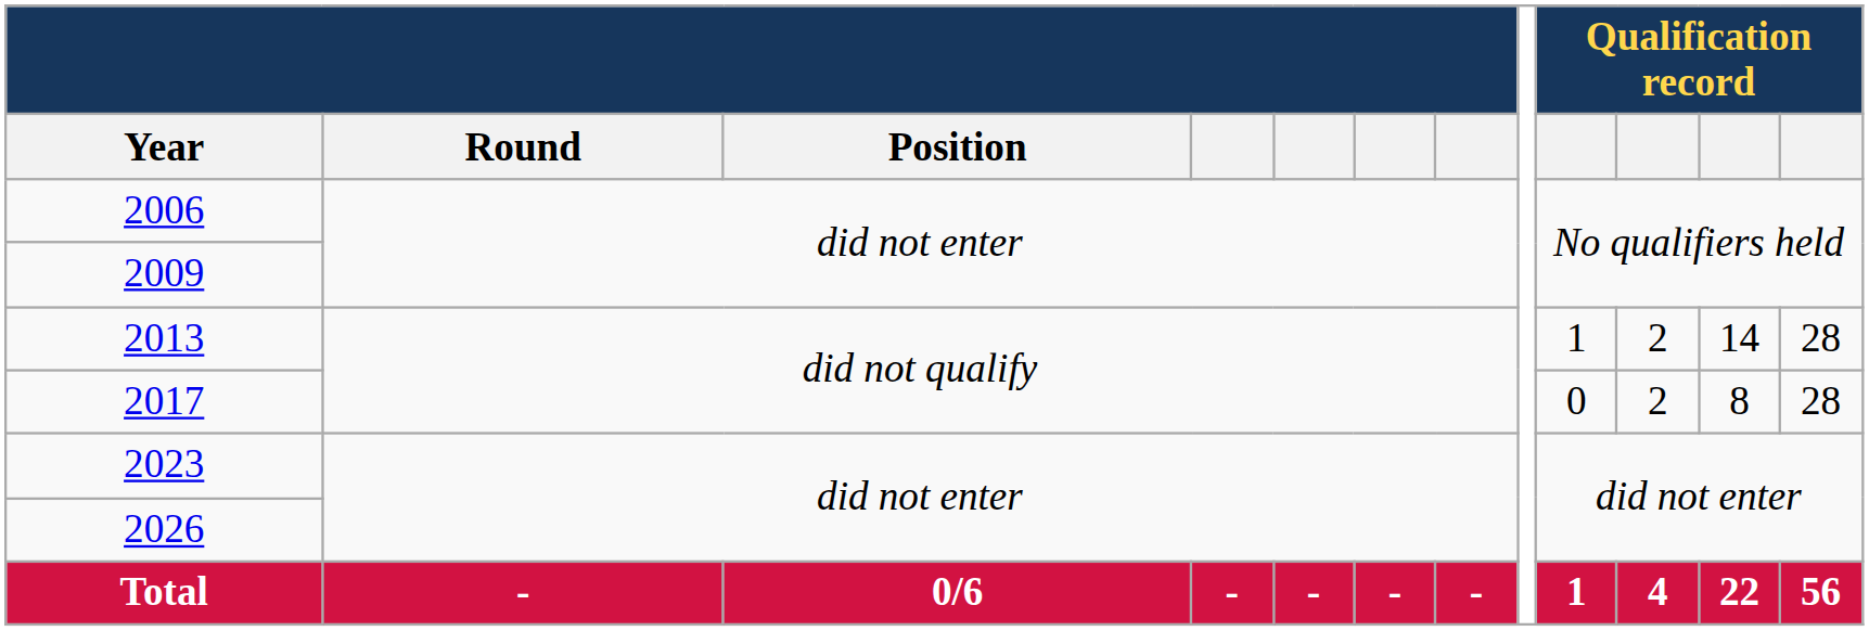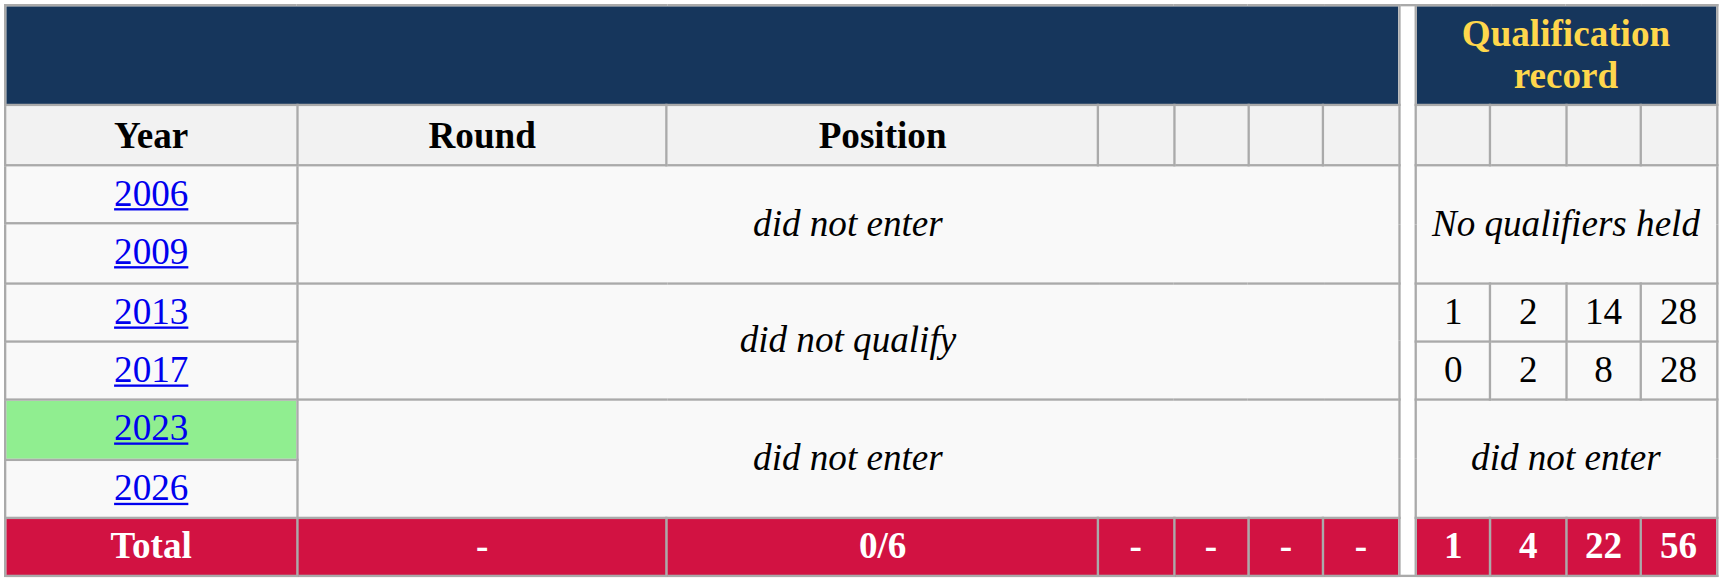 <table class="wikitable" style="text-align: center;">
 <tr>
 <th style="background:#16365C;" colspan="7"><a href='#'></a></th>
 <th style="background:white; width:1%;" rowspan="9"></th>
 <th style="background:#16365C; color:#ffd74c;" colspan="5">Qualification record</th>
 </tr>
 <tr>
 <th>Year</th>
 <th>Round</th>
 <th>Position</th>
 <th width=25></th>
 <th width=25></th>
 <th width=25></th>
 <th width=25></th>
 <th width=25></th>
 <th width=25></th>
 <th width=25></th>
 <th width=25></th>
 </tr>
 <tr>
 <td><a href='#'>2006</a></td>
 <td colspan=6 rowspan=2><em>did not enter</em></td>
 <td colspan=4 rowspan=2 align=center><em>No qualifiers held</em></td>
 </tr>
 <tr>
 <td><a href='#'>2009</a></td>
 </tr>
 <tr>
 <td><a href='#'>2013</a></td>
 <td colspan=6 rowspan=2 align=center><em>did not qualify</em></td>
 <td>1</td>
 <td>2</td>
 <td>14</td>
 <td>28</td>
 </tr>
 <tr>
 <td><a href='#'>2017</a></td>
 <td>0</td>
 <td>2</td>
 <td>8</td>
 <td>28</td>
 </tr>
 <tr>
-<td><a href='#'>2023</a></td>
+<td style="background: lightgreen;"><a href='#'>2023</a></td>
 <td colspan=6 rowspan=2 align=center><em>did not enter</em></td>
 <td colspan=4 rowspan=2 align=center><em>did not enter</em></td>
 </tr>
 <tr>
 <td><a href='#'>2026</a></td>
 </tr>
 <tr>
 <th style="color:white; background:#d21242;"><strong>Total</strong></th>
 <th style="color:white; background:#d21242;"><strong>-</strong></th>
 <th style="color:white; background:#d21242;"><strong>0/6</strong></th>
 <th style="color:white; background:#d21242;"><strong>-</strong></th>
 <th style="color:white; background:#d21242;"><strong>-</strong></th>
 <th style="color:white; background:#d21242;"><strong>-</strong></th>
 <th style="color:white; background:#d21242;"><strong>-</strong></th>
 <th style="color:white; background:#d21242;"><strong>1</strong></th>
 <th style="color:white; background:#d21242;"><strong>4</strong></th>
 <th style="color:white; background:#d21242;"><strong>22</strong></th>
 <th style="color:white; background:#d21242;"><strong>56</strong></th>
 </tr>
 </table>
